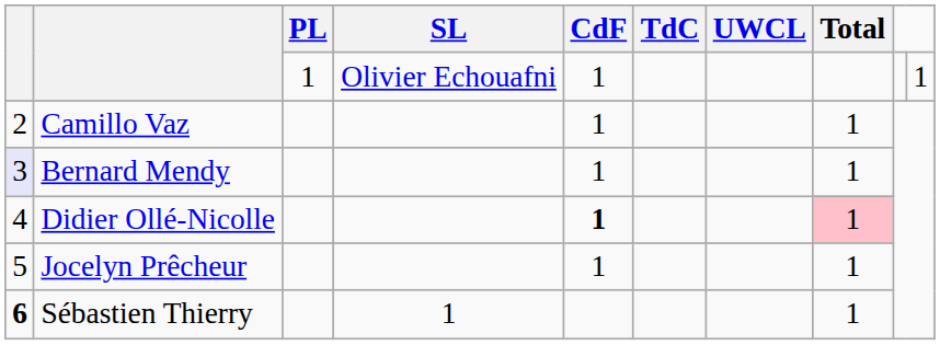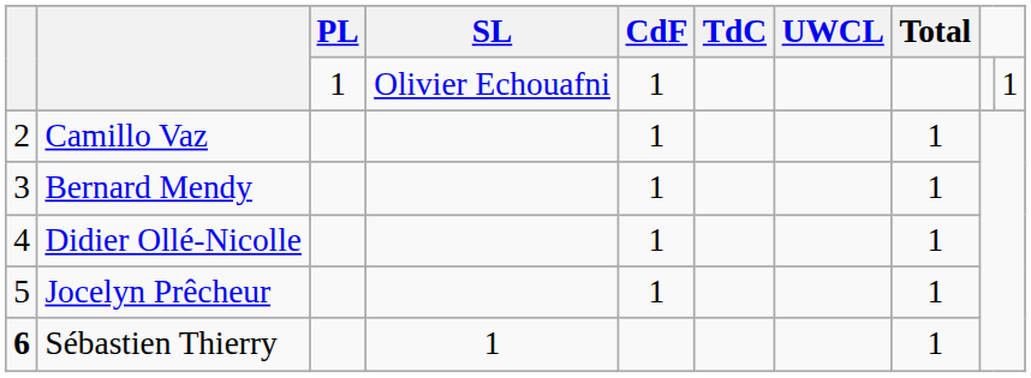 <table class="wikitable plainrowheaders sortable" style="text-align:center">
 <tr>
 <th rowspan="2" colspan="1"></th>
 <th rowspan="2" colspan="1"></th>
 <th><a href='#'>PL</a></th>
 <th><a href='#'>SL</a></th>
 <th><a href='#'>CdF</a></th>
 <th><a href='#'>TdC</a></th>
 <th><a href='#'>UWCL</a></th>
 <th>Total</th>
 </tr>
 <tr>
 <td>1</td>
 <td align=left> <a href='#'>Olivier Echouafni</a></td>
 <td>1</td>
 <td></td>
 <td></td>
 <td></td>
 <td></td>
 <td>1</td>
 </tr>
 <tr>
 <td>2</td>
 <td align=left> <a href='#'>Camillo Vaz</a></td>
 <td></td>
 <td></td>
 <td>1</td>
 <td></td>
 <td></td>
 <td>1</td>
 </tr>
 <tr>
-<td style="background: lavender;">3</td>
+<td>3</td>
 <td align=left> <a href='#'>Bernard Mendy</a></td>
 <td></td>
 <td></td>
 <td>1</td>
 <td></td>
 <td></td>
 <td>1</td>
 </tr>
 <tr>
 <td>4</td>
 <td align=left> <a href='#'>Didier Ollé-Nicolle</a></td>
 <td></td>
 <td></td>
-<td><strong>1</strong></td>
+<td>1</td>
 <td></td>
 <td></td>
-<td style="background: pink;">1</td>
+<td>1</td>
 </tr>
 <tr>
 <td>5</td>
 <td align=left> <a href='#'>Jocelyn Prêcheur</a></td>
 <td></td>
 <td></td>
 <td>1</td>
 <td></td>
 <td></td>
 <td>1</td>
 </tr>
 <tr>
 <td><strong>6</strong></td>
 <td align=left> Sébastien Thierry</td>
 <td></td>
 <td>1</td>
 <td></td>
 <td></td>
 <td></td>
 <td>1</td>
 </tr>
 </table>
